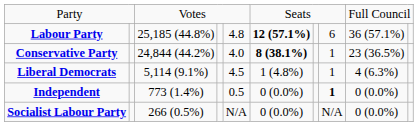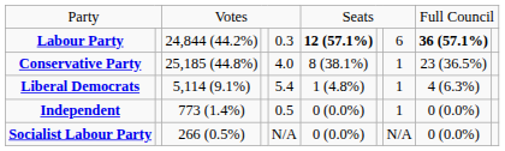 <table class=wikitable style="text-align:center;">
 <tr>
 <td colspan=2>Party</td>
 <td colspan=3>Votes</td>
 <td colspan=3>Seats</td>
 <td colspan=3>Full Council</td>
 </tr>
 <tr>
 <td><strong><a href='#'>Labour Party</a></strong></td>
 <td style="background:"></td>
-<td>25,185 (44.8%)</td>
+<td>24,844 (44.2%)</td>
 <td></td>
-<td> 4.8</td>
+<td> 0.3</td>
 <td><strong>12 (57.1%)</strong></td>
 <td></td>
 <td> 6</td>
-<td>36 (57.1%)</td>
+<td><strong>36 (57.1%)</strong></td>
 <td></td>
 </tr>
 <tr>
 <td><strong><a href='#'>Conservative Party</a></strong></td>
 <td style="background:"></td>
-<td>24,844 (44.2%)</td>
+<td>25,185 (44.8%)</td>
 <td></td>
 <td> 4.0</td>
-<td><strong>8 (38.1%)</strong></td>
+<td>8 (38.1%)</td>
 <td></td>
 <td> 1</td>
 <td>23 (36.5%)</td>
 <td></td>
 </tr>
 <tr>
 <td><strong><a href='#'>Liberal Democrats</a></strong></td>
 <td style="background:"></td>
 <td>5,114 (9.1%)</td>
 <td></td>
-<td> 4.5</td>
+<td> 5.4</td>
 <td>1 (4.8%)</td>
 <td></td>
 <td> 1</td>
 <td>4 (6.3%)</td>
 <td></td>
 </tr>
 <tr>
 <td><strong><a href='#'>Independent</a></strong></td>
 <td style="background:"></td>
 <td>773 (1.4%)</td>
 <td></td>
 <td> 0.5</td>
 <td>0 (0.0%)</td>
 <td></td>
-<td><strong> 1</strong></td>
+<td> 1</td>
 <td>0 (0.0%)</td>
 <td></td>
 </tr>
 <tr>
 <td><strong><a href='#'>Socialist Labour Party</a></strong></td>
 <td style="background:"></td>
 <td>266 (0.5%)</td>
 <td></td>
 <td>N/A</td>
 <td>0 (0.0%)</td>
 <td></td>
 <td>N/A</td>
 <td>0 (0.0%)</td>
 <td></td>
 </tr>
 </table>
